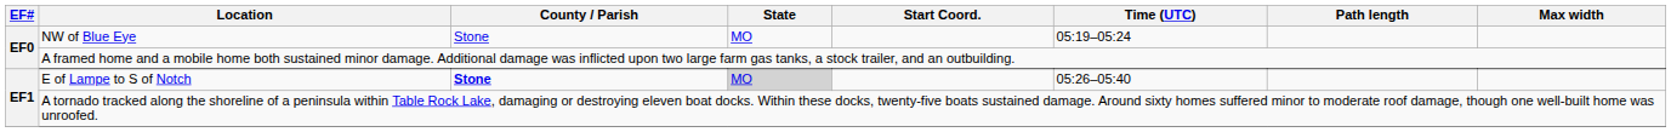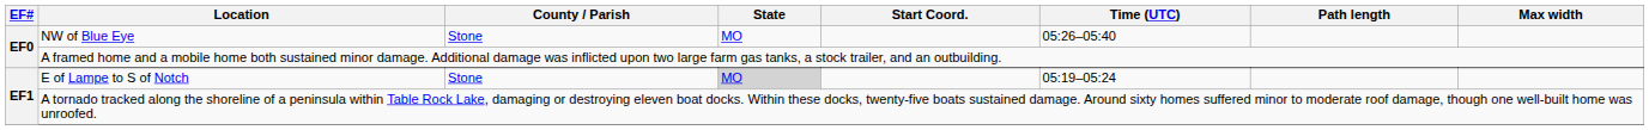 <table class="wikitable sortable" style="width:100%;">
 <tr>
 <th scope="col" width="2%" align="center"><a href='#'>EF#</a></th>
 <th scope="col" align="center" class="unsortable">Location</th>
 <th scope="col" align="center" class="unsortable">County / Parish</th>
 <th scope="col" align="center">State</th>
 <th scope="col" align="center">Start Coord.</th>
 <th scope="col" align="center">Time (<a href='#'>UTC</a>)</th>
 <th scope="col" align="center">Path length</th>
 <th scope="col" align="center">Max width</th>
 </tr>
 <tr>
 <th scope="row" rowspan="2" style="background-color:#">EF0</th>
 <td>NW of <a href='#'>Blue Eye</a></td>
 <td><a href='#'>Stone</a></td>
 <td><a href='#'>MO</a></td>
 <td></td>
-<td>05:19–05:24</td>
+<td>05:26–05:40</td>
 <td></td>
 <td></td>
 </tr>
 <tr class="expand-child">
 <td colspan="8" style=" border-bottom: 1px solid black;">A framed home and a mobile home both sustained minor damage. Additional damage was inflicted upon two large farm gas tanks, a stock trailer, and an outbuilding.</td>
 </tr>
 <tr>
 <th scope="row" rowspan="2" style="background-color:#">EF1</th>
 <td>E of <a href='#'>Lampe</a> to S of <a href='#'>Notch</a></td>
-<td><strong><a href='#'>Stone</a></strong></td>
+<td><a href='#'>Stone</a></td>
 <td style="background: lightgrey;"><a href='#'>MO</a></td>
 <td></td>
-<td>05:26–05:40</td>
+<td>05:19–05:24</td>
 <td></td>
 <td></td>
 </tr>
 <tr class="expand-child">
 <td colspan="8" style=" border-bottom: 1px solid black;">A tornado tracked along the shoreline of a peninsula within <a href='#'>Table Rock Lake</a>, damaging or destroying eleven boat docks. Within these docks, twenty-five boats sustained damage. Around sixty homes suffered minor to moderate roof damage, though one well-built home was unroofed.</td>
 </tr>
 <tr>
 </tr>
 </table>
